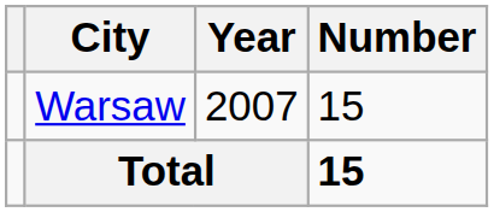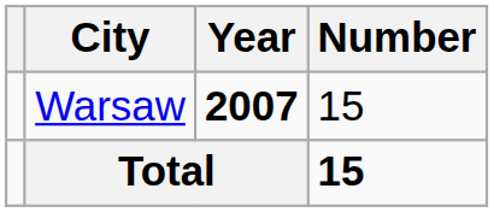 <table class="wikitable">
 <tr>
 <th></th>
 <th>City</th>
 <th>Year</th>
 <th>Number</th>
 </tr>
 <tr>
 <td></td>
 <td><a href='#'>Warsaw</a></td>
-<td>2007</td>
+<td><strong>2007</strong></td>
 <td>15</td>
 </tr>
 <tr>
 <td></td>
 <th colspan="2"><strong>Total</strong></th>
 <td><strong>15</strong></td>
 </tr>
 </table>
